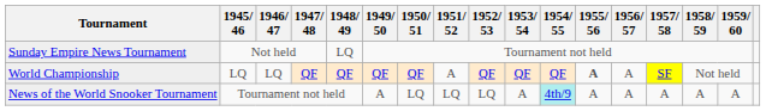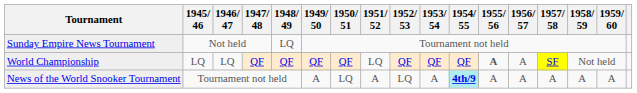 <table class="wikitable"  style="font-size:85%;">
 <tr>
 <th>Tournament</th>
 <th>1945/<br>46</th>
 <th>1946/<br>47</th>
 <th>1947/<br>48</th>
 <th>1948/<br>49</th>
 <th>1949/<br>50</th>
 <th>1950/<br>51</th>
 <th>1951/<br>52</th>
 <th>1952/<br>53</th>
 <th>1953/<br>54</th>
 <th>1954/<br>55</th>
 <th>1955/<br>56</th>
 <th>1956/<br>57</th>
 <th>1957/<br>58</th>
 <th>1958/<br>59</th>
 <th>1959/<br>60</th>
 <th></th>
 </tr>
 <tr>
 <td style="background:#EFEFEF;"><a href='#'>Sunday Empire News Tournament</a></td>
 <td colspan="3" style="text-align:center; color:#555555;">Not held</td>
 <td align="center" style="color:#555555;">LQ</td>
 <td colspan="11" style="text-align:center; color:#555555;">Tournament not held</td>
 <td></td>
 </tr>
 <tr>
 <td style="background:#EFEFEF;"><a href='#'>World Championship</a></td>
 <td align="center" style="color:#555555;">LQ</td>
 <td align="center" style="color:#555555;">LQ</td>
 <td style="text-align:center; background:#ffebcd;"><a href='#'>QF</a></td>
 <td style="text-align:center; background:#ffebcd;"><a href='#'>QF</a></td>
 <td style="text-align:center; background:#ffebcd;"><a href='#'>QF</a></td>
 <td style="text-align:center; background:#ffebcd;"><a href='#'>QF</a></td>
-<td align="center" style="color:#555555;">A</td>
+<td align="center" style="color:#555555;">LQ</td>
 <td style="text-align:center; background:#ffebcd;"><a href='#'>QF</a></td>
 <td style="text-align:center; background:#ffebcd;"><a href='#'>QF</a></td>
 <td style="text-align:center; background:#ffebcd;"><a href='#'>QF</a></td>
 <td align="center" style="color:#555555;"><strong>A</strong></td>
 <td align="center" style="color:#555555;">A</td>
 <td style="text-align:center; background:yellow;"><a href='#'>SF</a></td>
 <td colspan="2" style="text-align:center; color:#555555;">Not held</td>
 <td></td>
 </tr>
 <tr>
 <td style="background:#EFEFEF;"><a href='#'>News of the World Snooker Tournament</a></td>
 <td colspan="4" style="text-align:center; color:#555555;">Tournament not held</td>
 <td align="center" style="color:#555555;">A</td>
 <td align="center" style="color:#555555;">LQ</td>
-<td align="center" style="color:#555555;">LQ</td>
+<td align="center" style="color:#555555;">A</td>
 <td align="center" style="color:#555555;">LQ</td>
 <td align="center" style="color:#555555;">A</td>
-<td align="center" style="background:#afeeee;"><a href='#'>4th/9</a></td>
+<td align="center" style="background:#afeeee;"><strong><a href='#'>4th/9</a></strong></td>
 <td align="center" style="color:#555555;">A</td>
 <td align="center" style="color:#555555;">A</td>
 <td align="center" style="color:#555555;">A</td>
 <td align="center" style="color:#555555;">A</td>
 <td align="center" style="color:#555555;">A</td>
 <td></td>
 </tr>
 </table>
